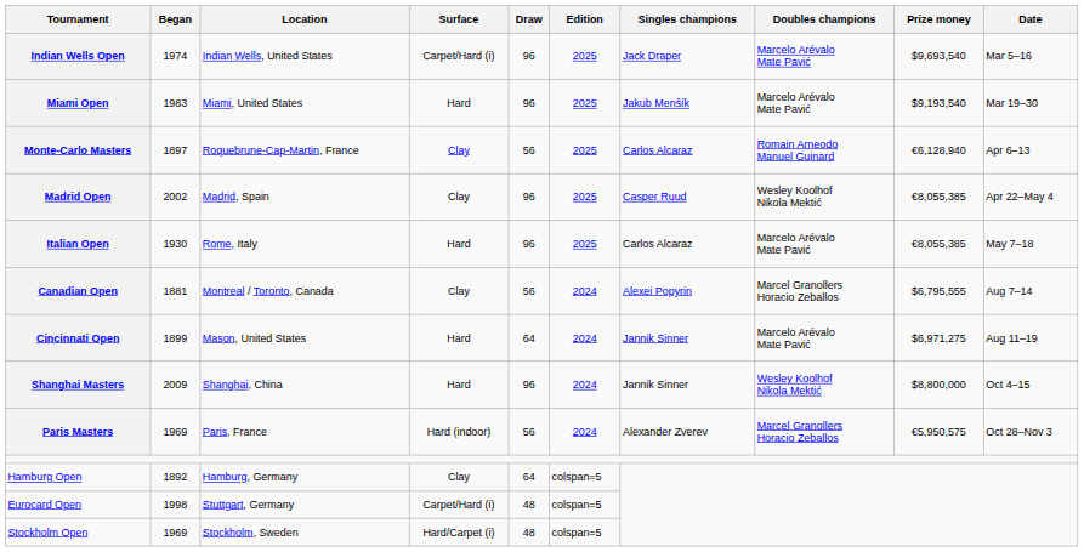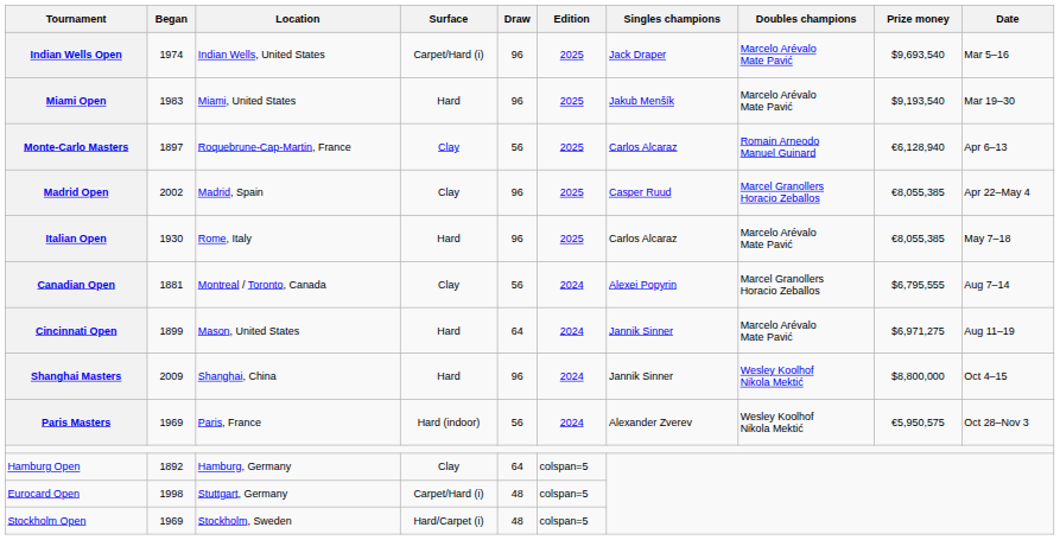 <table class="mw-datatable wikitable plainrowheaders nowrap" style="height: 50em; font-size: 90%; width: 90%;">
 <tr>
 <th scope="col">Tournament</th>
 <th scope="col">Began</th>
 <th scope="col">Location</th>
 <th scope="col">Surface</th>
 <th scope="col">Draw</th>
 <th scope="col">Edition</th>
 <th scope="col">Singles champions</th>
 <th scope="col">Doubles champions</th>
 <th scope="col">Prize money</th>
 <th scope="col">Date</th>
 </tr>
 <tr>
 <th scope="row"><a href='#'>Indian Wells Open</a></th>
 <td style="text-align:center;">1974</td>
 <td><a href='#'>Indian Wells</a>, United States</td>
 <td style="text-align:center;">Carpet/Hard (i)</td>
 <td style="text-align:center;">96</td>
 <td style="text-align:center;"><a href='#'>2025</a></td>
 <td> <a href='#'>Jack Draper</a></td>
 <td> <a href='#'>Marcelo Arévalo</a><br> <a href='#'>Mate Pavić</a></td>
 <td style="text-align:center;">$9,693,540</td>
 <td>Mar 5–16</td>
 </tr>
 <tr>
 <th scope="row"><a href='#'>Miami Open</a></th>
 <td style="text-align:center;">1983</td>
 <td><a href='#'>Miami</a>, United States</td>
 <td style="text-align:center;">Hard</td>
 <td style="text-align:center;">96</td>
 <td style="text-align:center;"><a href='#'>2025</a></td>
 <td> <a href='#'>Jakub Menšík</a></td>
 <td> Marcelo Arévalo<br> Mate Pavić</td>
 <td style="text-align:center;">$9,193,540</td>
 <td>Mar 19–30</td>
 </tr>
 <tr>
 <th scope="row"><a href='#'>Monte-Carlo Masters</a></th>
 <td style="text-align:center;">1897</td>
 <td><a href='#'>Roquebrune-Cap-Martin</a>, France</td>
 <td style="text-align:center;"><a href='#'>Clay</a></td>
 <td style="text-align:center;">56</td>
 <td style="text-align:center;"><a href='#'>2025</a></td>
 <td> <a href='#'>Carlos Alcaraz</a></td>
 <td> <a href='#'>Romain Arneodo</a><br> <a href='#'>Manuel Guinard</a></td>
 <td style="text-align:center;">€6,128,940</td>
 <td>Apr 6–13</td>
 </tr>
 <tr>
 <th scope="row"><a href='#'>Madrid Open</a></th>
 <td style="text-align:center;">2002</td>
 <td><a href='#'>Madrid</a>, Spain</td>
 <td style="text-align:center;">Clay</td>
 <td style="text-align:center;">96</td>
 <td style="text-align:center;"><a href='#'>2025</a></td>
 <td> <a href='#'>Casper Ruud</a></td>
-<td> Wesley Koolhof<br> Nikola Mektić</td>
+<td> <a href='#'>Marcel Granollers</a><br> <a href='#'>Horacio Zeballos</a></td>
 <td style="text-align:center;">€8,055,385</td>
 <td>Apr 22–May 4</td>
 </tr>
 <tr>
 <th scope="row"><a href='#'>Italian Open</a></th>
 <td style="text-align:center;">1930</td>
 <td><a href='#'>Rome</a>, Italy</td>
 <td style="text-align:center;">Hard</td>
 <td style="text-align:center;">96</td>
 <td style="text-align:center;"><a href='#'>2025</a></td>
 <td> Carlos Alcaraz</td>
 <td> Marcelo Arévalo<br> Mate Pavić</td>
 <td style="text-align:center;">€8,055,385</td>
 <td>May 7–18</td>
 </tr>
 <tr>
 <th scope="row"><a href='#'>Canadian Open</a></th>
 <td style="text-align:center;">1881</td>
 <td><a href='#'>Montreal</a> / <a href='#'>Toronto</a>, Canada</td>
 <td style="text-align:center;">Clay</td>
 <td style="text-align:center;">56</td>
 <td style="text-align:center;"><a href='#'>2024</a></td>
 <td> <a href='#'>Alexei Popyrin</a></td>
 <td> Marcel Granollers<br> Horacio Zeballos</td>
 <td style="text-align:center;">$6,795,555</td>
 <td>Aug 7–14</td>
 </tr>
 <tr>
 <th scope="row"><a href='#'>Cincinnati Open</a></th>
 <td style="text-align:center;">1899</td>
 <td><a href='#'>Mason</a>, United States</td>
 <td style="text-align:center;">Hard</td>
 <td style="text-align:center;">64</td>
 <td style="text-align:center;"><a href='#'>2024</a></td>
 <td> <a href='#'>Jannik Sinner</a></td>
 <td> Marcelo Arévalo<br> Mate Pavić</td>
 <td style="text-align:center;">$6,971,275</td>
 <td>Aug 11–19</td>
 </tr>
 <tr>
 <th scope="row"><a href='#'>Shanghai Masters</a></th>
 <td style="text-align:center;">2009</td>
 <td><a href='#'>Shanghai</a>, China</td>
 <td style="text-align:center;">Hard</td>
 <td style="text-align:center;">96</td>
 <td style="text-align:center;"><a href='#'>2024</a></td>
 <td> Jannik Sinner</td>
 <td> <a href='#'>Wesley Koolhof</a><br> <a href='#'>Nikola Mektić</a></td>
 <td style="text-align:center;">$8,800,000</td>
 <td>Oct 4–15</td>
 </tr>
 <tr>
 <th scope="row"><a href='#'>Paris Masters</a></th>
 <td style="text-align:center;">1969</td>
 <td><a href='#'>Paris</a>, France</td>
 <td style="text-align:center;">Hard (indoor)</td>
 <td style="text-align:center;">56</td>
 <td style="text-align:center;"><a href='#'>2024</a></td>
 <td> Alexander Zverev</td>
-<td> <a href='#'>Marcel Granollers</a><br> <a href='#'>Horacio Zeballos</a></td>
+<td> Wesley Koolhof<br> Nikola Mektić</td>
 <td style="text-align:center;">€5,950,575</td>
 <td>Oct 28–Nov 3</td>
 </tr>
 <tr>
 <td colspan="10"></td>
 </tr>
 <tr>
 <td><a href='#'>Hamburg Open</a> </td>
 <td style="text-align:center;">1892</td>
 <td><a href='#'>Hamburg</a>, Germany</td>
 <td style="text-align:center;">Clay</td>
 <td style="text-align:center;">64</td>
 <td>colspan=5 </td>
 </tr>
 <tr>
 <td><a href='#'>Eurocard Open</a> </td>
 <td style="text-align:center;">1998</td>
 <td><a href='#'>Stuttgart</a>, Germany</td>
 <td style="text-align:center;">Carpet/Hard (i)</td>
 <td style="text-align:center;">48</td>
 <td>colspan=5 </td>
 </tr>
 <tr>
 <td><a href='#'>Stockholm Open</a> </td>
 <td style="text-align:center;">1969</td>
 <td><a href='#'>Stockholm</a>, Sweden</td>
 <td style="text-align:center;">Hard/Carpet (i)</td>
 <td style="text-align:center;">48</td>
 <td>colspan=5 </td>
 </tr>
 </table>
